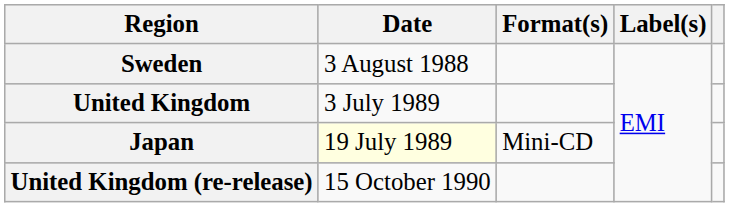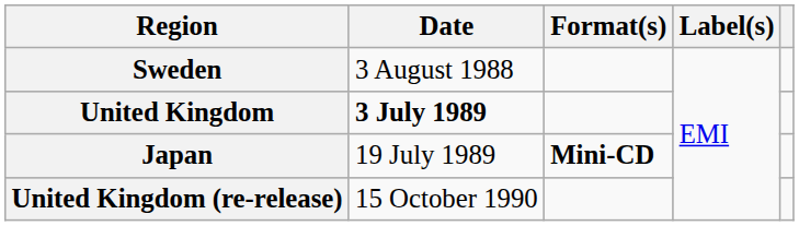 <table class="wikitable plainrowheaders">
 <tr>
 <th scope="col">Region</th>
 <th scope="col">Date</th>
 <th scope="col">Format(s)</th>
 <th scope="col">Label(s)</th>
 <th scope="col"></th>
 </tr>
 <tr>
 <th scope="row">Sweden</th>
 <td>3 August 1988</td>
 <td></td>
 <td rowspan="4"><a href='#'>EMI</a></td>
 <td></td>
 </tr>
 <tr>
 <th scope="row">United Kingdom</th>
-<td>3 July 1989</td>
+<td><strong>3 July 1989</strong></td>
 <td></td>
 <td></td>
 </tr>
 <tr>
 <th scope="row">Japan</th>
-<td style="background: lightyellow;">19 July 1989</td>
-<td>Mini-CD</td>
+<td>19 July 1989</td>
+<td><strong>Mini-CD</strong></td>
 <td></td>
 </tr>
 <tr>
 <th scope="row">United Kingdom (re-release)</th>
 <td>15 October 1990</td>
 <td></td>
 <td></td>
 </tr>
 </table>
